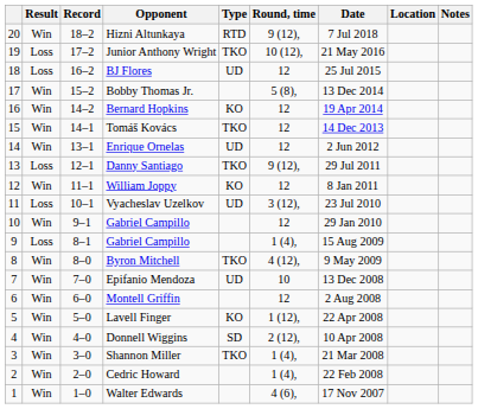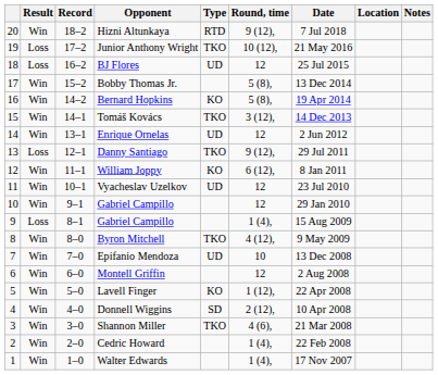 <table class="wikitable" style="text-align:center">
 <tr>
 <th></th>
 <th>Result</th>
 <th>Record</th>
 <th>Opponent</th>
 <th>Type</th>
 <th>Round, time</th>
 <th>Date</th>
 <th>Location</th>
 <th>Notes</th>
 </tr>
 <tr>
 <td>20</td>
 <td>Win</td>
 <td>18–2</td>
 <td style="text-align:left;">Hizni Altunkaya</td>
 <td>RTD</td>
 <td>9 (12), </td>
 <td>7 Jul 2018</td>
 <td style="text-align:left;"></td>
 <td style="text-align:left;"></td>
 </tr>
 <tr>
 <td>19</td>
 <td>Loss</td>
 <td>17–2</td>
 <td style="text-align:left;">Junior Anthony Wright</td>
 <td>TKO</td>
 <td>10 (12), </td>
 <td>21 May 2016</td>
 <td style="text-align:left;"></td>
 <td style="text-align:left;"></td>
 </tr>
 <tr>
 <td>18</td>
 <td>Loss</td>
 <td>16–2</td>
 <td style="text-align:left;"><a href='#'>BJ Flores</a></td>
 <td>UD</td>
 <td>12</td>
 <td>25 Jul 2015</td>
 <td style="text-align:left;"></td>
 <td style="text-align:left;"></td>
 </tr>
 <tr>
 <td>17</td>
 <td>Win</td>
 <td>15–2</td>
 <td style="text-align:left;">Bobby Thomas Jr.</td>
 <td></td>
 <td>5 (8), </td>
 <td>13 Dec 2014</td>
 <td style="text-align:left;"></td>
 <td></td>
 </tr>
 <tr>
 <td>16</td>
 <td>Win</td>
 <td>14–2</td>
 <td style="text-align:left;"><a href='#'>Bernard Hopkins</a></td>
 <td>KO</td>
-<td>12</td>
+<td>5 (8), </td>
 <td><a href='#'>19 Apr 2014</a></td>
 <td style="text-align:left;"></td>
 <td style="text-align:left;"></td>
 </tr>
 <tr>
 <td>15</td>
 <td>Win</td>
 <td>14–1</td>
 <td style="text-align:left;">Tomáš Kovács</td>
 <td>TKO</td>
-<td>12</td>
+<td>3 (12), </td>
 <td><a href='#'>14 Dec 2013</a></td>
 <td style="text-align:left;"></td>
 <td style="text-align:left;"></td>
 </tr>
 <tr>
 <td>14</td>
 <td>Win</td>
 <td>13–1</td>
 <td style="text-align:left;"><a href='#'>Enrique Ornelas</a></td>
 <td>UD</td>
 <td>12</td>
 <td>2 Jun 2012</td>
 <td style="text-align:left;"></td>
 <td style="text-align:left;"></td>
 </tr>
 <tr>
 <td>13</td>
 <td>Loss</td>
 <td>12–1</td>
 <td style="text-align:left;"><a href='#'>Danny Santiago</a></td>
 <td>TKO</td>
 <td>9 (12), </td>
 <td>29 Jul 2011</td>
 <td style="text-align:left;"></td>
 <td style="text-align:left;"></td>
 </tr>
 <tr>
 <td>12</td>
 <td>Win</td>
 <td>11–1</td>
 <td style="text-align:left;"><a href='#'>William Joppy</a></td>
 <td>KO</td>
-<td>12</td>
+<td>6 (12), </td>
 <td>8 Jan 2011</td>
 <td style="text-align:left;"></td>
 <td style="text-align:left;"></td>
 </tr>
 <tr>
 <td>11</td>
-<td>Loss</td>
+<td>Win</td>
 <td>10–1</td>
 <td style="text-align:left;">Vyacheslav Uzelkov</td>
 <td>UD</td>
-<td>3 (12), </td>
+<td>12</td>
 <td>23 Jul 2010</td>
 <td style="text-align:left;"></td>
 <td style="text-align:left;"></td>
 </tr>
 <tr>
 <td>10</td>
 <td>Win</td>
 <td>9–1</td>
 <td style="text-align:left;"><a href='#'>Gabriel Campillo</a></td>
 <td></td>
 <td>12</td>
 <td>29 Jan 2010</td>
 <td style="text-align:left;"></td>
 <td style="text-align:left;"></td>
 </tr>
 <tr>
 <td>9</td>
 <td>Loss</td>
 <td>8–1</td>
 <td style="text-align:left;"><a href='#'>Gabriel Campillo</a></td>
 <td></td>
 <td>1 (4), </td>
 <td>15 Aug 2009</td>
 <td style="text-align:left;"></td>
 <td style="text-align:left;"></td>
 </tr>
 <tr>
 <td>8</td>
 <td>Win</td>
 <td>8–0</td>
 <td style="text-align:left;"><a href='#'>Byron Mitchell</a></td>
 <td>TKO</td>
 <td>4 (12), </td>
 <td>9 May 2009</td>
 <td style="text-align:left;"></td>
 <td style="text-align:left;"></td>
 </tr>
 <tr>
 <td>7</td>
 <td>Win</td>
 <td>7–0</td>
 <td style="text-align:left;">Epifanio Mendoza</td>
 <td>UD</td>
 <td>10</td>
 <td>13 Dec 2008</td>
 <td style="text-align:left;"></td>
 <td></td>
 </tr>
 <tr>
 <td>6</td>
 <td>Win</td>
 <td>6–0</td>
 <td style="text-align:left;"><a href='#'>Montell Griffin</a></td>
 <td></td>
 <td>12</td>
 <td>2 Aug 2008</td>
 <td style="text-align:left;"></td>
 <td style="text-align:left;"></td>
 </tr>
 <tr>
 <td>5</td>
 <td>Win</td>
 <td>5–0</td>
 <td style="text-align:left;">Lavell Finger</td>
 <td>KO</td>
 <td>1 (12), </td>
 <td>22 Apr 2008</td>
 <td style="text-align:left;"></td>
 <td style="text-align:left;"></td>
 </tr>
 <tr>
 <td>4</td>
 <td>Win</td>
 <td>4–0</td>
 <td style="text-align:left;">Donnell Wiggins</td>
 <td>SD</td>
 <td>2 (12), </td>
 <td>10 Apr 2008</td>
 <td style="text-align:left;"></td>
 <td style="text-align:left;"></td>
 </tr>
 <tr>
 <td>3</td>
 <td>Win</td>
 <td>3–0</td>
 <td style="text-align:left;">Shannon Miller</td>
 <td>TKO</td>
-<td>1 (4), </td>
+<td>4 (6), </td>
 <td>21 Mar 2008</td>
 <td style="text-align:left;"></td>
 <td></td>
 </tr>
 <tr>
 <td>2</td>
 <td>Win</td>
 <td>2–0</td>
 <td style="text-align:left;">Cedric Howard</td>
 <td></td>
 <td>1 (4), </td>
 <td>22 Feb 2008</td>
 <td style="text-align:left;"></td>
 <td></td>
 </tr>
 <tr>
 <td>1</td>
 <td>Win</td>
 <td>1–0</td>
 <td style="text-align:left;">Walter Edwards</td>
 <td></td>
-<td>4 (6), </td>
+<td>1 (4), </td>
 <td>17 Nov 2007</td>
 <td style="text-align:left;"></td>
 <td></td>
 </tr>
 </table>
